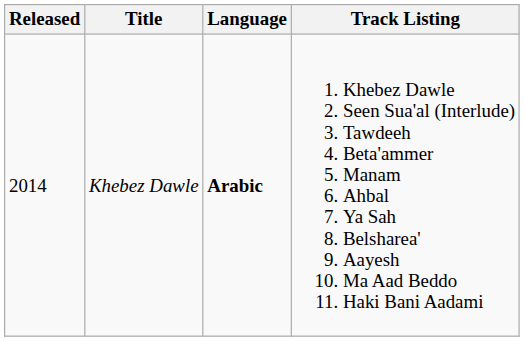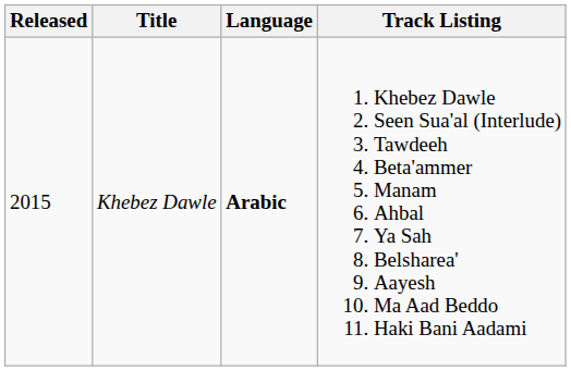 <table class="wikitable">
 <tr>
 <th>Released</th>
 <th>Title</th>
 <th>Language</th>
 <th>Track Listing</th>
 </tr>
 <tr>
-<td>2014</td>
+<td>2015</td>
 <td><em>Khebez Dawle</em></td>
 <td><strong>Arabic</strong></td>
 <td><br><ol><li>Khebez Dawle</li><li>Seen Sua'al (Interlude)</li><li>Tawdeeh</li><li>Beta'ammer</li><li>Manam</li><li>Ahbal</li><li>Ya Sah</li><li>Belsharea'</li><li>Aayesh</li><li>Ma Aad Beddo</li><li>Haki Bani Aadami</li></ol></td>
 </tr>
 </table>
